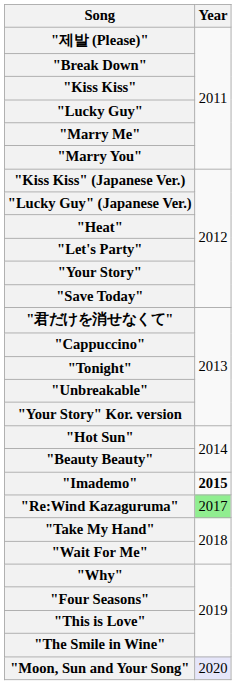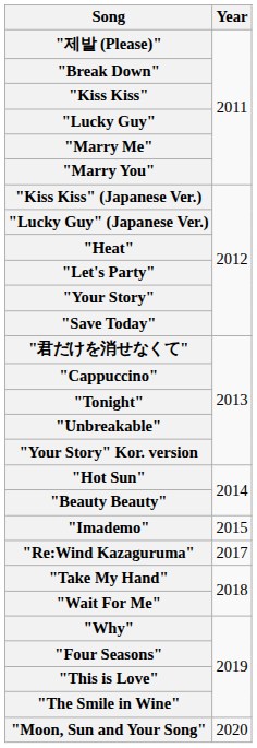 <table class="wikitable plainrowheaders" style="text-align:center;">
 <tr>
 <th>Song</th>
 <th>Year</th>
 </tr>
 <tr>
 <th scope="row">"제발 (Please)"</th>
 <td rowspan="6">2011</td>
 </tr>
 <tr>
 <th scope=row>"Break Down"</th>
 </tr>
 <tr>
 <th scope=row>"Kiss Kiss"</th>
 </tr>
 <tr>
 <th scope=row>"Lucky Guy"</th>
 </tr>
 <tr>
 <th scope=row>"Marry Me"</th>
 </tr>
 <tr>
 <th scope=row>"Marry You"</th>
 </tr>
 <tr>
 <th scope="row">"Kiss Kiss" (Japanese Ver.)</th>
 <td rowspan=6>2012</td>
 </tr>
 <tr>
 <th scope=row>"Lucky Guy" (Japanese Ver.)</th>
 </tr>
 <tr>
 <th scope=row>"Heat"</th>
 </tr>
 <tr>
 <th scope=row>"Let's Party"</th>
 </tr>
 <tr>
 <th scope=row>"Your Story"</th>
 </tr>
 <tr>
 <th scope=row>"Save Today"</th>
 </tr>
 <tr>
 <th scope="row">"君だけを消せなくて"</th>
 <td rowspan="5">2013</td>
 </tr>
 <tr>
 <th scope=row>"Cappuccino"</th>
 </tr>
 <tr>
 <th scope=row>"Tonight"</th>
 </tr>
 <tr>
 <th scope=row>"Unbreakable"</th>
 </tr>
 <tr>
 <th scope=row>"Your Story" Kor. version</th>
 </tr>
 <tr>
 <th scope="row">"Hot Sun"</th>
 <td rowspan=2>2014</td>
 </tr>
 <tr>
 <th scope=row>"Beauty Beauty"</th>
 </tr>
 <tr>
 <th scope="row">"Imademo"</th>
-<td rowspan=1><strong>2015</strong></td>
+<td rowspan=1>2015</td>
 </tr>
 <tr>
 <th scope="row">"Re:Wind Kazaguruma"</th>
-<td style="background: lightgreen;">2017</td>
+<td>2017</td>
 </tr>
 <tr>
 <th scope="row">"Take My Hand"</th>
 <td rowspan="2">2018</td>
 </tr>
 <tr>
 <th scope=row>"Wait For Me"</th>
 </tr>
 <tr>
 <th scope="row">"Why"</th>
 <td rowspan="4">2019</td>
 </tr>
 <tr>
 <th scope=row>"Four Seasons"</th>
 </tr>
 <tr>
 <th scope=row>"This is Love"</th>
 </tr>
 <tr>
 <th scope=row>"The Smile in Wine"</th>
 </tr>
 <tr>
 <th scope="row">"Moon, Sun and Your Song"</th>
-<td style="background: lavender;">2020</td>
+<td>2020</td>
 </tr>
 </table>
